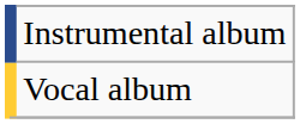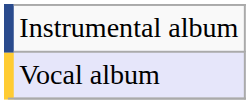 <table class="wikitable" style="font-size:90%;">
 <tr>
 <td style="border-left: 5px solid #2a4b8d;">Instrumental album</td>
 </tr>
 <tr>
-<td style="border-left: 5px solid #fc3">Vocal album</td>
+<td style="background: lavender; border-left: 5px solid #fc3">Vocal album</td>
 </tr>
 <tr>
 </tr>
 </table>
